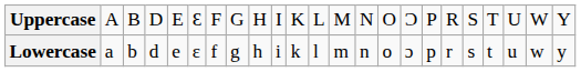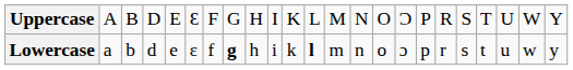 <table class="wikitable">
 <tr>
 <th>Uppercase</th>
 <td>A</td>
 <td>B</td>
 <td>D</td>
 <td>E</td>
 <td>Ɛ</td>
 <td>F</td>
 <td>G</td>
 <td>H</td>
 <td>I</td>
 <td>K</td>
 <td>L</td>
 <td>M</td>
 <td>N</td>
 <td>O</td>
 <td>Ɔ</td>
 <td>P</td>
 <td>R</td>
 <td>S</td>
 <td>T</td>
 <td>U</td>
 <td>W</td>
 <td>Y</td>
 </tr>
 <tr>
 <th>Lowercase</th>
 <td>a</td>
 <td>b</td>
 <td>d</td>
 <td>e</td>
 <td>ɛ</td>
 <td>f</td>
-<td>g</td>
+<td><strong>g</strong></td>
 <td>h</td>
 <td>i</td>
 <td>k</td>
-<td>l</td>
+<td><strong>l</strong></td>
 <td>m</td>
 <td>n</td>
 <td>o</td>
 <td>ɔ</td>
 <td>p</td>
 <td>r</td>
 <td>s</td>
 <td>t</td>
 <td>u</td>
 <td>w</td>
 <td>y</td>
 </tr>
 </table>
